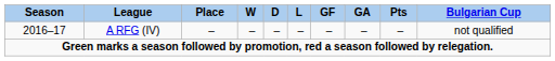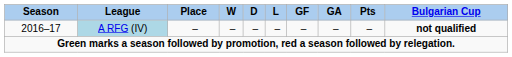 <table class="wikitable" width="800px">
 <tr>
 <th style="background:#ABCDEF;">Season</th>
 <th style="background:#ABCDEF;">League</th>
 <th style="background:#ABCDEF;">Place</th>
 <th style="background:#ABCDEF;">W</th>
 <th style="background:#ABCDEF;">D</th>
 <th style="background:#ABCDEF;">L</th>
 <th style="background:#ABCDEF;">GF</th>
 <th style="background:#ABCDEF;">GA</th>
 <th style="background:#ABCDEF;">Pts</th>
 <th style="background:#ABCDEF;"><a href='#'>Bulgarian Cup</a></th>
 </tr>
 <tr align="center">
 <td>2016–17</td>
-<td><a href='#'>A RFG</a> (IV)</td>
+<td style="background: lightblue;"><a href='#'>A RFG</a> (IV)</td>
 <td> –</td>
 <td> –</td>
 <td> –</td>
 <td> –</td>
 <td> –</td>
 <td> –</td>
 <td> –</td>
-<td>not qualified</td>
+<td><strong>not qualified</strong></td>
 </tr>
 <tr>
 <td colspan="12" align="center"><strong>Green marks a season followed by promotion, red a season followed by relegation.</strong></td>
 </tr>
 </table>
